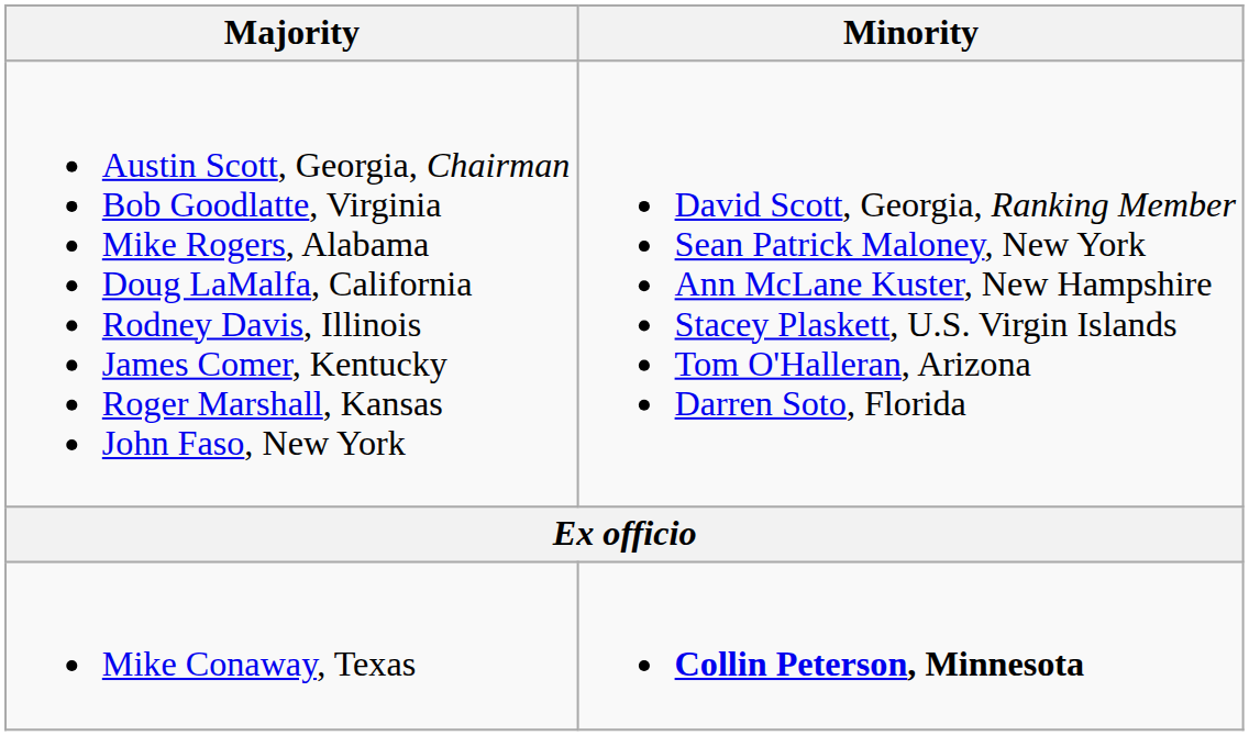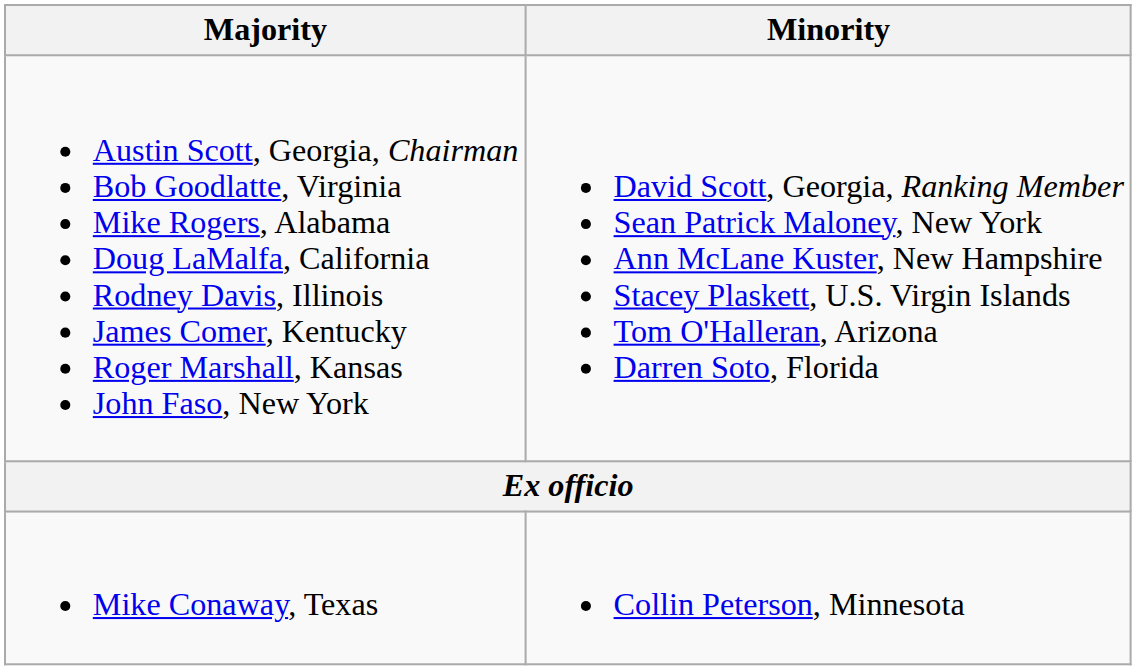 <table class=wikitable>
 <tr>
 <th>Majority</th>
 <th>Minority</th>
 </tr>
 <tr>
 <td><br><ul><li><a href='#'>Austin Scott</a>, Georgia, <em>Chairman</em></li><li><a href='#'>Bob Goodlatte</a>, Virginia</li><li><a href='#'>Mike Rogers</a>, Alabama</li><li><a href='#'>Doug LaMalfa</a>, California</li><li><a href='#'>Rodney Davis</a>, Illinois</li><li><a href='#'>James Comer</a>, Kentucky</li><li><a href='#'>Roger Marshall</a>, Kansas</li><li><a href='#'>John Faso</a>, New York</li></ul></td>
 <td><br><ul><li><a href='#'>David Scott</a>, Georgia, <em>Ranking Member</em></li><li><a href='#'>Sean Patrick Maloney</a>, New York</li><li><a href='#'>Ann McLane Kuster</a>, New Hampshire</li><li><a href='#'>Stacey Plaskett</a>, U.S. Virgin Islands</li><li><a href='#'>Tom O'Halleran</a>, Arizona</li><li><a href='#'>Darren Soto</a>, Florida</li></ul></td>
 </tr>
 <tr>
 <th colspan=2><em>Ex officio</em></th>
 </tr>
 <tr>
 <td><br><ul><li><a href='#'>Mike Conaway</a>, Texas</li></ul></td>
-<td><strong><br><ul><li><a href='#'>Collin Peterson</a>, Minnesota</li></ul></strong></td>
+<td><br><ul><li><a href='#'>Collin Peterson</a>, Minnesota</li></ul></td>
 </tr>
 </table>
